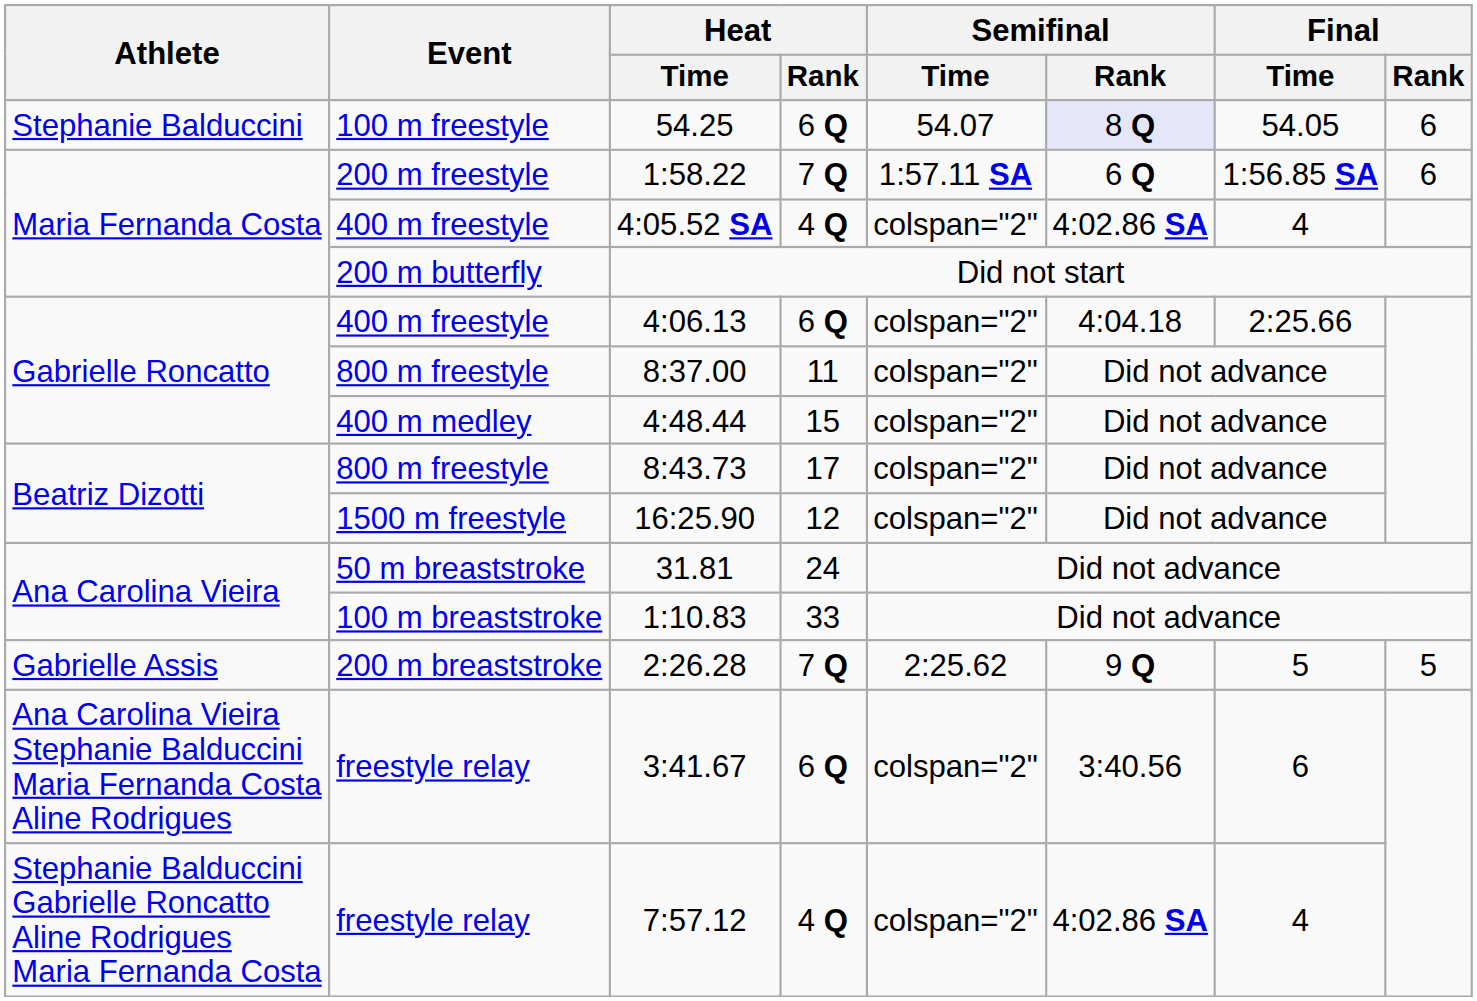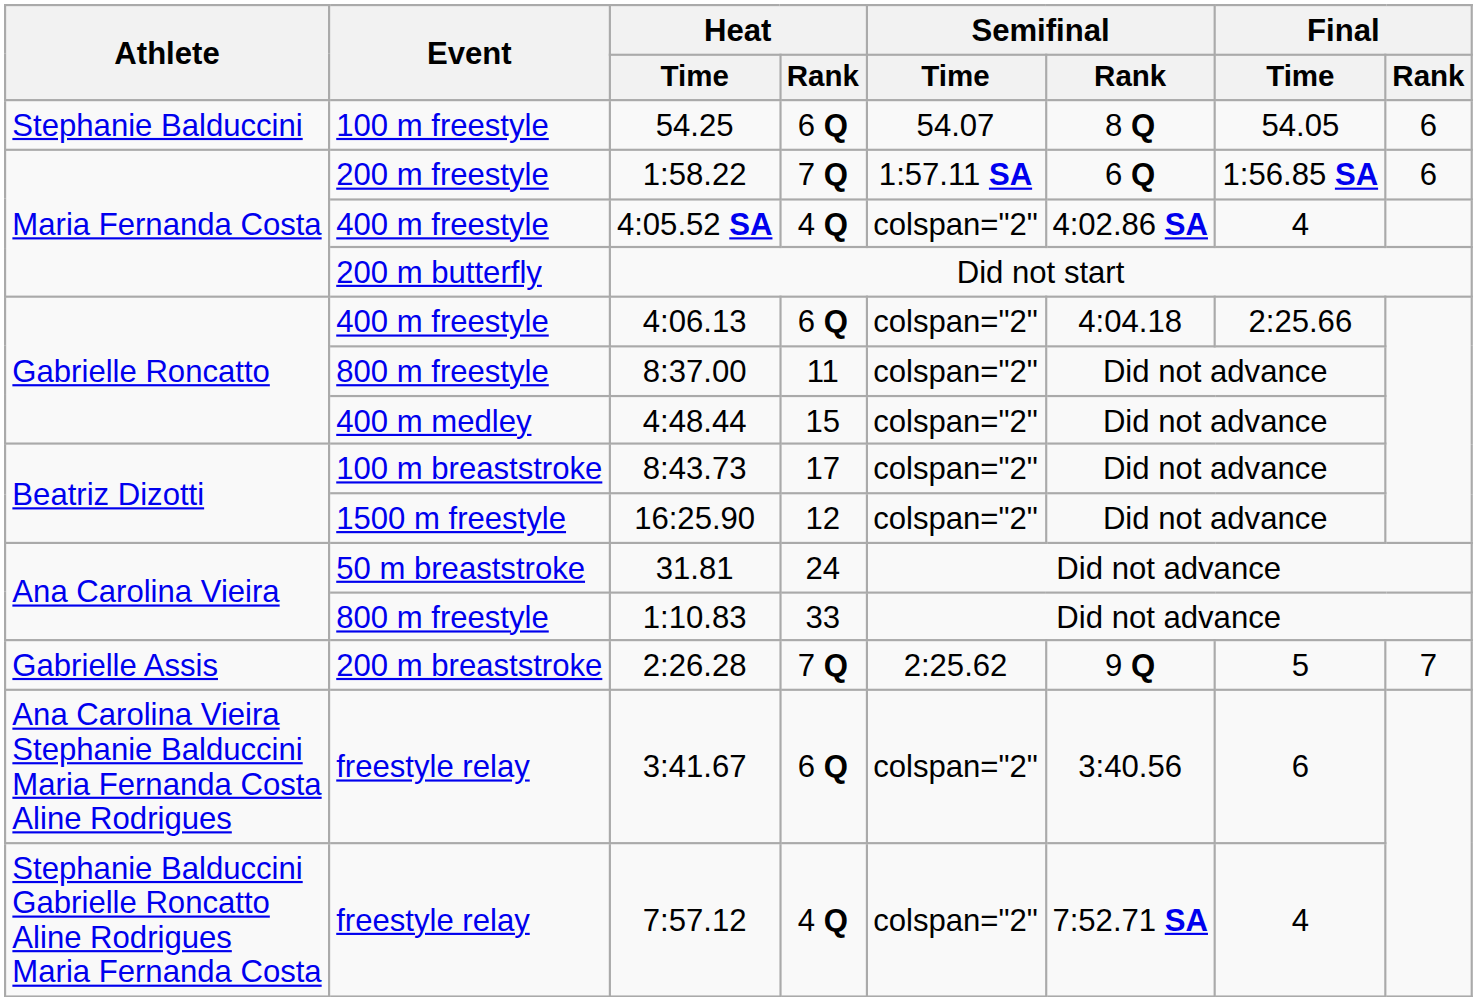 <table class=wikitable style="font-size:90%">
 <tr>
 <th rowspan="2">Athlete</th>
 <th rowspan="2">Event</th>
 <th colspan="2">Heat</th>
 <th colspan="2">Semifinal</th>
 <th colspan="2">Final</th>
 </tr>
 <tr style="font-size:95%">
 <th>Time</th>
 <th>Rank</th>
 <th>Time</th>
 <th>Rank</th>
 <th>Time</th>
 <th>Rank</th>
 </tr>
 <tr align=center>
 <td align=left><a href='#'>Stephanie Balduccini</a></td>
 <td align=left><a href='#'>100 m freestyle</a></td>
 <td>54.25</td>
 <td>6 <strong>Q</strong></td>
 <td>54.07</td>
-<td style="background: lavender;">8 <strong>Q</strong></td>
+<td>8 <strong>Q</strong></td>
 <td>54.05</td>
 <td>6</td>
 </tr>
 <tr align=center>
 <td align=left rowspan="3"><a href='#'>Maria Fernanda Costa</a></td>
 <td align=left><a href='#'>200 m freestyle</a></td>
 <td>1:58.22</td>
 <td>7 <strong>Q</strong></td>
 <td>1:57.11 <strong><a href='#'>SA</a></strong></td>
 <td>6 <strong>Q</strong></td>
 <td>1:56.85 <strong><a href='#'>SA</a></strong></td>
 <td>6</td>
 </tr>
 <tr align=center>
 <td align=left><a href='#'>400 m freestyle</a></td>
 <td>4:05.52 <strong><a href='#'>SA</a></strong></td>
 <td>4 <strong>Q</strong></td>
 <td>colspan="2" </td>
 <td>4:02.86 <strong><a href='#'>SA</a></strong></td>
 <td>4</td>
 </tr>
 <tr align=center>
 <td align=left><a href='#'>200 m butterfly</a></td>
 <td colspan="6">Did not start</td>
 </tr>
 <tr align=center>
 <td align=left rowspan="3"><a href='#'>Gabrielle Roncatto</a></td>
 <td align=left><a href='#'>400 m freestyle</a></td>
 <td>4:06.13</td>
 <td>6 <strong>Q</strong></td>
 <td>colspan="2" </td>
 <td>4:04.18</td>
 <td>2:25.66</td>
 </tr>
 <tr align=center>
 <td align=left><a href='#'>800 m freestyle</a></td>
 <td>8:37.00</td>
 <td>11</td>
 <td>colspan="2" </td>
 <td colspan=2>Did not advance</td>
 </tr>
 <tr align=center>
 <td align=left><a href='#'>400 m medley</a></td>
 <td>4:48.44</td>
 <td>15</td>
 <td>colspan="2" </td>
 <td colspan=2>Did not advance</td>
 </tr>
 <tr align=center>
 <td align=left rowspan="2"><a href='#'>Beatriz Dizotti</a></td>
-<td align=left><a href='#'>800 m freestyle</a></td>
+<td align=left><a href='#'>100 m breaststroke</a></td>
 <td>8:43.73</td>
 <td>17</td>
 <td>colspan="2" </td>
 <td colspan=2>Did not advance</td>
 </tr>
 <tr align=center>
 <td align=left><a href='#'>1500 m freestyle</a></td>
 <td>16:25.90</td>
 <td>12</td>
 <td>colspan="2" </td>
 <td colspan=2>Did not advance</td>
 </tr>
 <tr align=center>
 <td align=left rowspan="2"><a href='#'>Ana Carolina Vieira</a></td>
 <td align=left><a href='#'>50 m breaststroke</a></td>
 <td>31.81</td>
 <td>24</td>
 <td colspan=4>Did not advance</td>
 </tr>
 <tr align=center>
-<td align=left><a href='#'>100 m breaststroke</a></td>
+<td align=left><a href='#'>800 m freestyle</a></td>
 <td>1:10.83</td>
 <td>33</td>
 <td colspan=4>Did not advance</td>
 </tr>
 <tr align=center>
 <td align=left><a href='#'>Gabrielle Assis</a></td>
 <td align=left><a href='#'>200 m breaststroke</a></td>
 <td>2:26.28</td>
 <td>7 <strong>Q</strong></td>
 <td>2:25.62</td>
 <td>9 <strong>Q</strong></td>
 <td>5</td>
-<td>5</td>
+<td>7</td>
 </tr>
 <tr align=center>
 <td align=left><a href='#'>Ana Carolina Vieira</a><br><a href='#'>Stephanie Balduccini</a><br><a href='#'>Maria Fernanda Costa</a><br><a href='#'>Aline Rodrigues</a></td>
 <td align=left><a href='#'> freestyle relay</a></td>
 <td>3:41.67</td>
 <td>6 <strong>Q</strong></td>
 <td>colspan="2" </td>
 <td>3:40.56</td>
 <td>6</td>
 </tr>
 <tr align=center>
 <td align=left><a href='#'>Stephanie Balduccini</a><br><a href='#'>Gabrielle Roncatto</a><br><a href='#'>Aline Rodrigues</a><br><a href='#'>Maria Fernanda Costa</a></td>
 <td align=left><a href='#'> freestyle relay</a></td>
 <td>7:57.12</td>
 <td>4 <strong>Q</strong></td>
 <td>colspan="2" </td>
-<td>4:02.86 <strong><a href='#'>SA</a></strong></td>
+<td>7:52.71 <strong><a href='#'>SA</a></strong></td>
 <td>4</td>
 </tr>
 </table>
